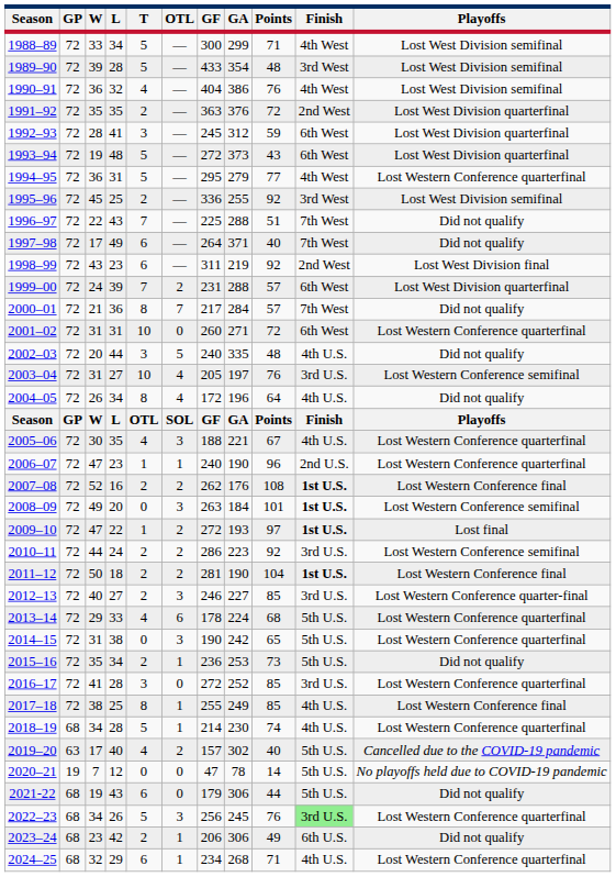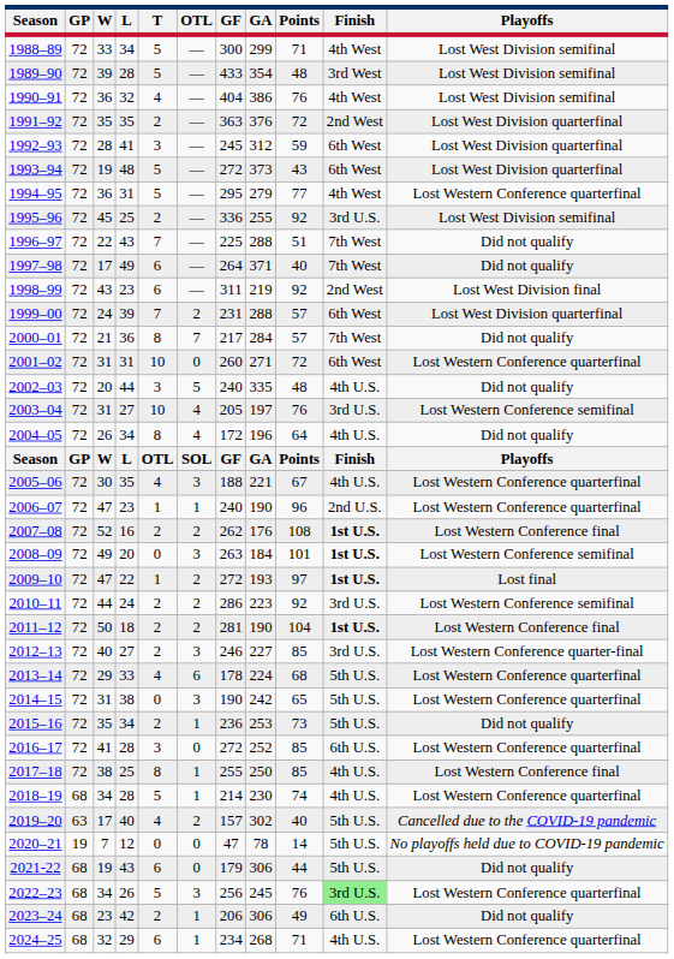 <table class="wikitable" style="text-align:center">
 <tr style="border-top:#002D62 5px solid; border-bottom:#C41230 5px solid">
 <th>Season</th>
 <th>GP</th>
 <th>W</th>
 <th>L</th>
 <th>T</th>
 <th>OTL</th>
 <th>GF</th>
 <th>GA</th>
 <th>Points</th>
 <th>Finish</th>
 <th>Playoffs</th>
 </tr>
 <tr>
 <td><a href='#'>1988–89</a></td>
 <td>72</td>
 <td>33</td>
 <td>34</td>
 <td>5</td>
 <td>—</td>
 <td>300</td>
 <td>299</td>
 <td>71</td>
 <td>4th West</td>
 <td>Lost West Division semifinal</td>
 </tr>
 <tr bgcolor="#eeeeee">
 <td><a href='#'>1989–90</a></td>
 <td>72</td>
 <td>39</td>
 <td>28</td>
 <td>5</td>
 <td>—</td>
 <td>433</td>
 <td>354</td>
 <td>48</td>
 <td>3rd West</td>
 <td>Lost West Division semifinal</td>
 </tr>
 <tr>
 <td><a href='#'>1990–91</a></td>
 <td>72</td>
 <td>36</td>
 <td>32</td>
 <td>4</td>
 <td>—</td>
 <td>404</td>
 <td>386</td>
 <td>76</td>
 <td>4th West</td>
 <td>Lost West Division semifinal</td>
 </tr>
 <tr bgcolor="#eeeeee">
 <td><a href='#'>1991–92</a></td>
 <td>72</td>
 <td>35</td>
 <td>35</td>
 <td>2</td>
 <td>—</td>
 <td>363</td>
 <td>376</td>
 <td>72</td>
 <td>2nd West</td>
 <td>Lost West Division quarterfinal</td>
 </tr>
 <tr>
 <td><a href='#'>1992–93</a></td>
 <td>72</td>
 <td>28</td>
 <td>41</td>
 <td>3</td>
 <td>—</td>
 <td>245</td>
 <td>312</td>
 <td>59</td>
 <td>6th West</td>
 <td>Lost West Division quarterfinal</td>
 </tr>
 <tr bgcolor="#eeeeee">
 <td><a href='#'>1993–94</a></td>
 <td>72</td>
 <td>19</td>
 <td>48</td>
 <td>5</td>
 <td>—</td>
 <td>272</td>
 <td>373</td>
 <td>43</td>
 <td>6th West</td>
 <td>Lost West Division quarterfinal</td>
 </tr>
 <tr>
 <td><a href='#'>1994–95</a></td>
 <td>72</td>
 <td>36</td>
 <td>31</td>
 <td>5</td>
 <td>—</td>
 <td>295</td>
 <td>279</td>
 <td>77</td>
 <td>4th West</td>
 <td>Lost Western Conference quarterfinal</td>
 </tr>
 <tr bgcolor="#eeeeee">
 <td><a href='#'>1995–96</a></td>
 <td>72</td>
 <td>45</td>
 <td>25</td>
 <td>2</td>
 <td>—</td>
 <td>336</td>
 <td>255</td>
 <td>92</td>
-<td>3rd West</td>
+<td>3rd U.S.</td>
 <td>Lost West Division semifinal</td>
 </tr>
 <tr>
 <td><a href='#'>1996–97</a></td>
 <td>72</td>
 <td>22</td>
 <td>43</td>
 <td>7</td>
 <td>—</td>
 <td>225</td>
 <td>288</td>
 <td>51</td>
 <td>7th West</td>
 <td>Did not qualify</td>
 </tr>
 <tr bgcolor="#eeeeee">
 <td><a href='#'>1997–98</a></td>
 <td>72</td>
 <td>17</td>
 <td>49</td>
 <td>6</td>
 <td>—</td>
 <td>264</td>
 <td>371</td>
 <td>40</td>
 <td>7th West</td>
 <td>Did not qualify</td>
 </tr>
 <tr>
 <td><a href='#'>1998–99</a></td>
 <td>72</td>
 <td>43</td>
 <td>23</td>
 <td>6</td>
 <td>—</td>
 <td>311</td>
 <td>219</td>
 <td>92</td>
 <td>2nd West</td>
 <td>Lost West Division final</td>
 </tr>
 <tr bgcolor="#eeeeee">
 <td><a href='#'>1999–00</a></td>
 <td>72</td>
 <td>24</td>
 <td>39</td>
 <td>7</td>
 <td>2</td>
 <td>231</td>
 <td>288</td>
 <td>57</td>
 <td>6th West</td>
 <td>Lost West Division quarterfinal</td>
 </tr>
 <tr>
 <td><a href='#'>2000–01</a></td>
 <td>72</td>
 <td>21</td>
 <td>36</td>
 <td>8</td>
 <td>7</td>
 <td>217</td>
 <td>284</td>
 <td>57</td>
 <td>7th West</td>
 <td>Did not qualify</td>
 </tr>
 <tr bgcolor="#eeeeee">
 <td><a href='#'>2001–02</a></td>
 <td>72</td>
 <td>31</td>
 <td>31</td>
 <td>10</td>
 <td>0</td>
 <td>260</td>
 <td>271</td>
 <td>72</td>
 <td>6th West</td>
 <td>Lost Western Conference quarterfinal</td>
 </tr>
 <tr>
 <td><a href='#'>2002–03</a></td>
 <td>72</td>
 <td>20</td>
 <td>44</td>
 <td>3</td>
 <td>5</td>
 <td>240</td>
 <td>335</td>
 <td>48</td>
 <td>4th U.S.</td>
 <td>Did not qualify</td>
 </tr>
 <tr bgcolor="#eeeeee">
 <td><a href='#'>2003–04</a></td>
 <td>72</td>
 <td>31</td>
 <td>27</td>
 <td>10</td>
 <td>4</td>
 <td>205</td>
 <td>197</td>
 <td>76</td>
 <td>3rd U.S.</td>
 <td>Lost Western Conference semifinal</td>
 </tr>
 <tr>
 <td><a href='#'>2004–05</a></td>
 <td>72</td>
 <td>26</td>
 <td>34</td>
 <td>8</td>
 <td>4</td>
 <td>172</td>
 <td>196</td>
 <td>64</td>
 <td>4th U.S.</td>
 <td>Did not qualify</td>
 </tr>
 <tr>
 <th>Season</th>
 <th>GP</th>
 <th>W</th>
 <th>L</th>
 <th>OTL</th>
 <th>SOL</th>
 <th>GF</th>
 <th>GA</th>
 <th>Points</th>
 <th>Finish</th>
 <th>Playoffs</th>
 </tr>
 <tr bgcolor="#eeeeee">
 <td><a href='#'>2005–06</a></td>
 <td>72</td>
 <td>30</td>
 <td>35</td>
 <td>4</td>
 <td>3</td>
 <td>188</td>
 <td>221</td>
 <td>67</td>
 <td>4th U.S.</td>
 <td>Lost Western Conference quarterfinal</td>
 </tr>
 <tr>
 <td><a href='#'>2006–07</a></td>
 <td>72</td>
 <td>47</td>
 <td>23</td>
 <td>1</td>
 <td>1</td>
 <td>240</td>
 <td>190</td>
 <td>96</td>
 <td>2nd U.S.</td>
 <td>Lost Western Conference quarterfinal</td>
 </tr>
 <tr bgcolor="#eeeeee">
 <td><a href='#'>2007–08</a></td>
 <td>72</td>
 <td>52</td>
 <td>16</td>
 <td>2</td>
 <td>2</td>
 <td>262</td>
 <td>176</td>
 <td>108</td>
 <td><strong>1st U.S.</strong></td>
 <td>Lost Western Conference final</td>
 </tr>
 <tr>
 <td><a href='#'>2008–09</a></td>
 <td>72</td>
 <td>49</td>
 <td>20</td>
 <td>0</td>
 <td>3</td>
 <td>263</td>
 <td>184</td>
 <td>101</td>
 <td><strong>1st U.S.</strong></td>
 <td>Lost Western Conference semifinal</td>
 </tr>
 <tr bgcolor="#eeeeee">
 <td><a href='#'>2009–10</a></td>
 <td>72</td>
 <td>47</td>
 <td>22</td>
 <td>1</td>
 <td>2</td>
 <td>272</td>
 <td>193</td>
 <td>97</td>
 <td><strong>1st U.S.</strong></td>
 <td>Lost final</td>
 </tr>
 <tr>
 <td><a href='#'>2010–11</a></td>
 <td>72</td>
 <td>44</td>
 <td>24</td>
 <td>2</td>
 <td>2</td>
 <td>286</td>
 <td>223</td>
 <td>92</td>
 <td>3rd U.S.</td>
 <td>Lost Western Conference semifinal</td>
 </tr>
 <tr bgcolor="#eeeeee">
 <td><a href='#'>2011–12</a></td>
 <td>72</td>
 <td>50</td>
 <td>18</td>
 <td>2</td>
 <td>2</td>
 <td>281</td>
 <td>190</td>
 <td>104</td>
 <td><strong>1st U.S.</strong></td>
 <td>Lost Western Conference final</td>
 </tr>
 <tr>
 <td><a href='#'>2012–13</a></td>
 <td>72</td>
 <td>40</td>
 <td>27</td>
 <td>2</td>
 <td>3</td>
 <td>246</td>
 <td>227</td>
 <td>85</td>
 <td>3rd U.S.</td>
 <td>Lost Western Conference quarter-final</td>
 </tr>
 <tr bgcolor="#eeeeee">
 <td><a href='#'>2013–14</a></td>
 <td>72</td>
 <td>29</td>
 <td>33</td>
 <td>4</td>
 <td>6</td>
 <td>178</td>
 <td>224</td>
 <td>68</td>
 <td>5th U.S.</td>
 <td>Lost Western Conference quarterfinal</td>
 </tr>
 <tr>
 <td><a href='#'>2014–15</a></td>
 <td>72</td>
 <td>31</td>
 <td>38</td>
 <td>0</td>
 <td>3</td>
 <td>190</td>
 <td>242</td>
 <td>65</td>
 <td>5th U.S.</td>
 <td>Lost Western Conference quarterfinal</td>
 </tr>
 <tr bgcolor="#eeeeee">
 <td><a href='#'>2015–16</a></td>
 <td>72</td>
 <td>35</td>
 <td>34</td>
 <td>2</td>
 <td>1</td>
 <td>236</td>
 <td>253</td>
 <td>73</td>
 <td>5th U.S.</td>
 <td>Did not qualify</td>
 </tr>
 <tr>
 <td><a href='#'>2016–17</a></td>
 <td>72</td>
 <td>41</td>
 <td>28</td>
 <td>3</td>
 <td>0</td>
 <td>272</td>
 <td>252</td>
 <td>85</td>
-<td>3rd U.S.</td>
+<td>6th U.S.</td>
 <td>Lost Western Conference quarterfinal</td>
 </tr>
 <tr bgcolor="#eeeeee">
 <td><a href='#'>2017–18</a></td>
 <td>72</td>
 <td>38</td>
 <td>25</td>
 <td>8</td>
 <td>1</td>
 <td>255</td>
-<td>249</td>
+<td>250</td>
 <td>85</td>
 <td>4th U.S.</td>
 <td>Lost Western Conference final</td>
 </tr>
 <tr>
 <td><a href='#'>2018–19</a></td>
 <td>68</td>
 <td>34</td>
 <td>28</td>
 <td>5</td>
 <td>1</td>
 <td>214</td>
 <td>230</td>
 <td>74</td>
 <td>4th U.S.</td>
 <td>Lost Western Conference quarterfinal</td>
 </tr>
 <tr bgcolor="#eeeeee">
 <td><a href='#'>2019–20</a></td>
 <td>63</td>
 <td>17</td>
 <td>40</td>
 <td>4</td>
 <td>2</td>
 <td>157</td>
 <td>302</td>
 <td>40</td>
 <td>5th U.S.</td>
 <td><em>Cancelled due to the <a href='#'>COVID-19 pandemic</a></em></td>
 </tr>
 <tr>
 <td><a href='#'>2020–21</a></td>
 <td>19</td>
 <td>7</td>
 <td>12</td>
 <td>0</td>
 <td>0</td>
 <td>47</td>
 <td>78</td>
 <td>14</td>
 <td>5th U.S.</td>
 <td><em>No playoffs held due to COVID-19 pandemic</em></td>
 </tr>
 <tr bgcolor="#eeeeee">
 <td><a href='#'>2021-22</a></td>
 <td>68</td>
 <td>19</td>
 <td>43</td>
 <td>6</td>
 <td>0</td>
 <td>179</td>
 <td>306</td>
 <td>44</td>
 <td>5th U.S.</td>
 <td>Did not qualify</td>
 </tr>
 <tr>
 <td><a href='#'>2022–23</a></td>
 <td>68</td>
 <td>34</td>
 <td>26</td>
 <td>5</td>
 <td>3</td>
 <td>256</td>
 <td>245</td>
 <td>76</td>
 <td style="background: lightgreen;">3rd U.S.</td>
 <td>Lost Western Conference quarterfinal</td>
 </tr>
 <tr bgcolor="#eeeeee">
 <td><a href='#'>2023–24</a></td>
 <td>68</td>
 <td>23</td>
 <td>42</td>
 <td>2</td>
 <td>1</td>
 <td>206</td>
 <td>306</td>
 <td>49</td>
 <td>6th U.S.</td>
 <td>Did not qualify</td>
 </tr>
 <tr>
 <td><a href='#'>2024–25</a></td>
 <td>68</td>
 <td>32</td>
 <td>29</td>
 <td>6</td>
 <td>1</td>
 <td>234</td>
 <td>268</td>
 <td>71</td>
 <td>4th U.S.</td>
 <td>Lost Western Conference quarterfinal</td>
 </tr>
 </table>
